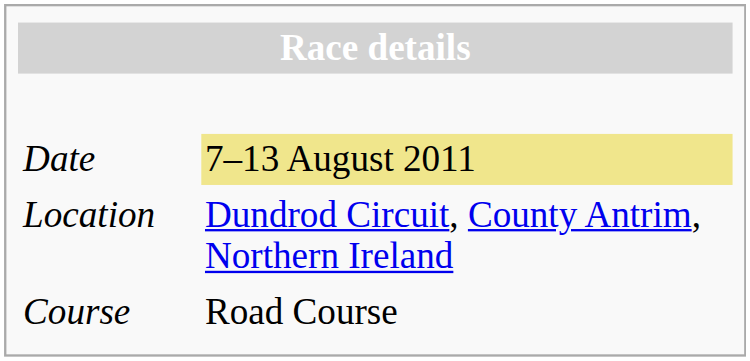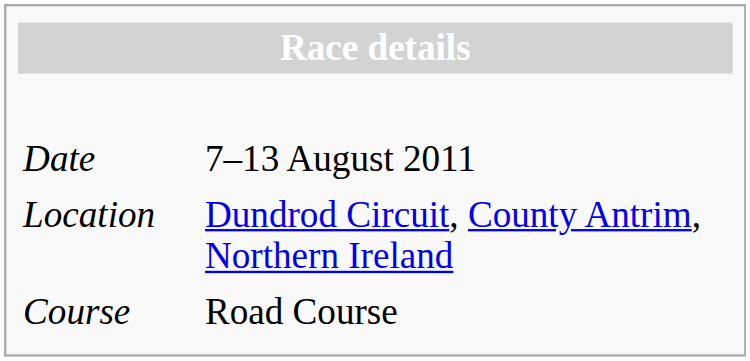 <table class="infobox" align="right" cellpadding="2" style="float:right; width: 20em;">
 <tr>
 </tr>
 <tr>
 <th colspan="3" style="background:lightgrey; color:#ffffff;">Race details</th>
 </tr>
 <tr>
 <td colspan="3" style="text-align:center;"><br></td>
 </tr>
 <tr>
 <td style="width: 25%;"><em>Date</em></td>
-<td style="background: khaki;">7–13 August 2011</td>
+<td>7–13 August 2011</td>
 </tr>
 <tr>
 <td><em>Location</em></td>
 <td colspan=3><a href='#'>Dundrod Circuit</a>, <a href='#'>County Antrim</a>, <a href='#'>Northern Ireland</a></td>
 </tr>
 <tr>
 <td><em>Course</em></td>
 <td colspan=3>Road Course <br> </td>
 </tr>
 <tr>
 </tr>
 </table>
